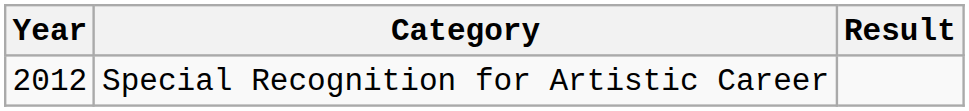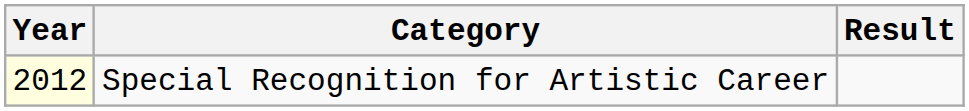 <table class="wikitable">
 <tr>
 <th>Year</th>
 <th>Category</th>
 <th>Result</th>
 </tr>
 <tr>
-<td>2012</td>
+<td style="background: lightyellow;">2012</td>
 <td>Special Recognition for Artistic Career</td>
 <td></td>
 </tr>
 </table>
